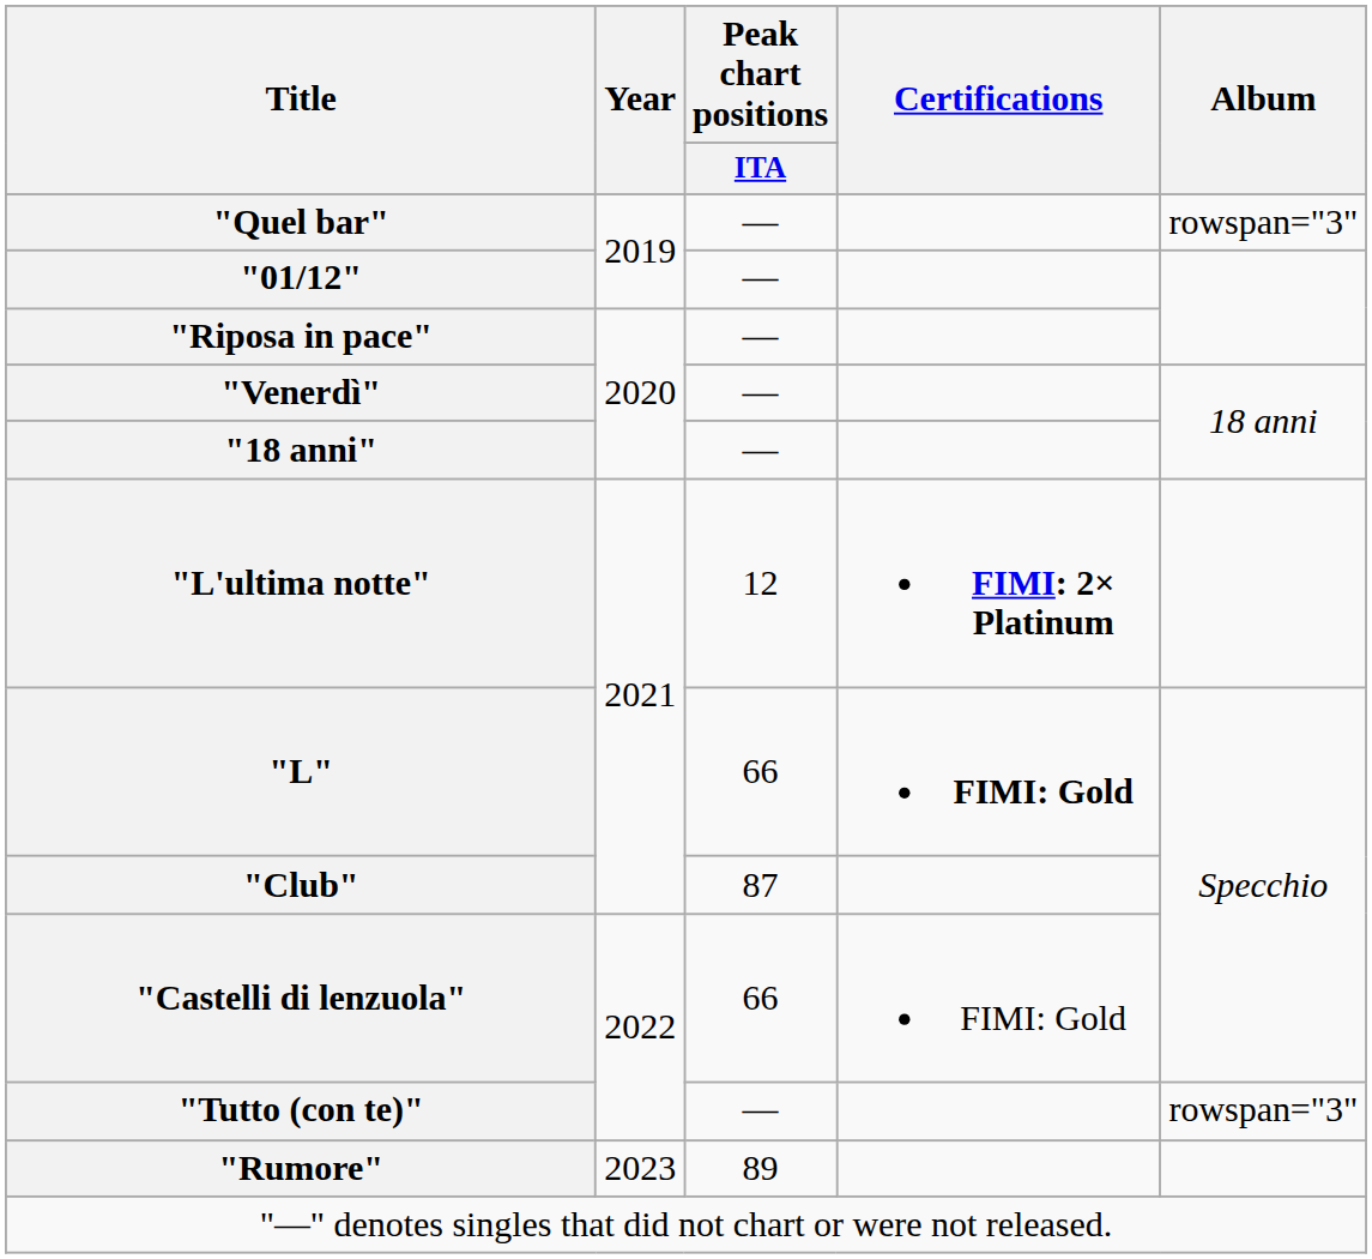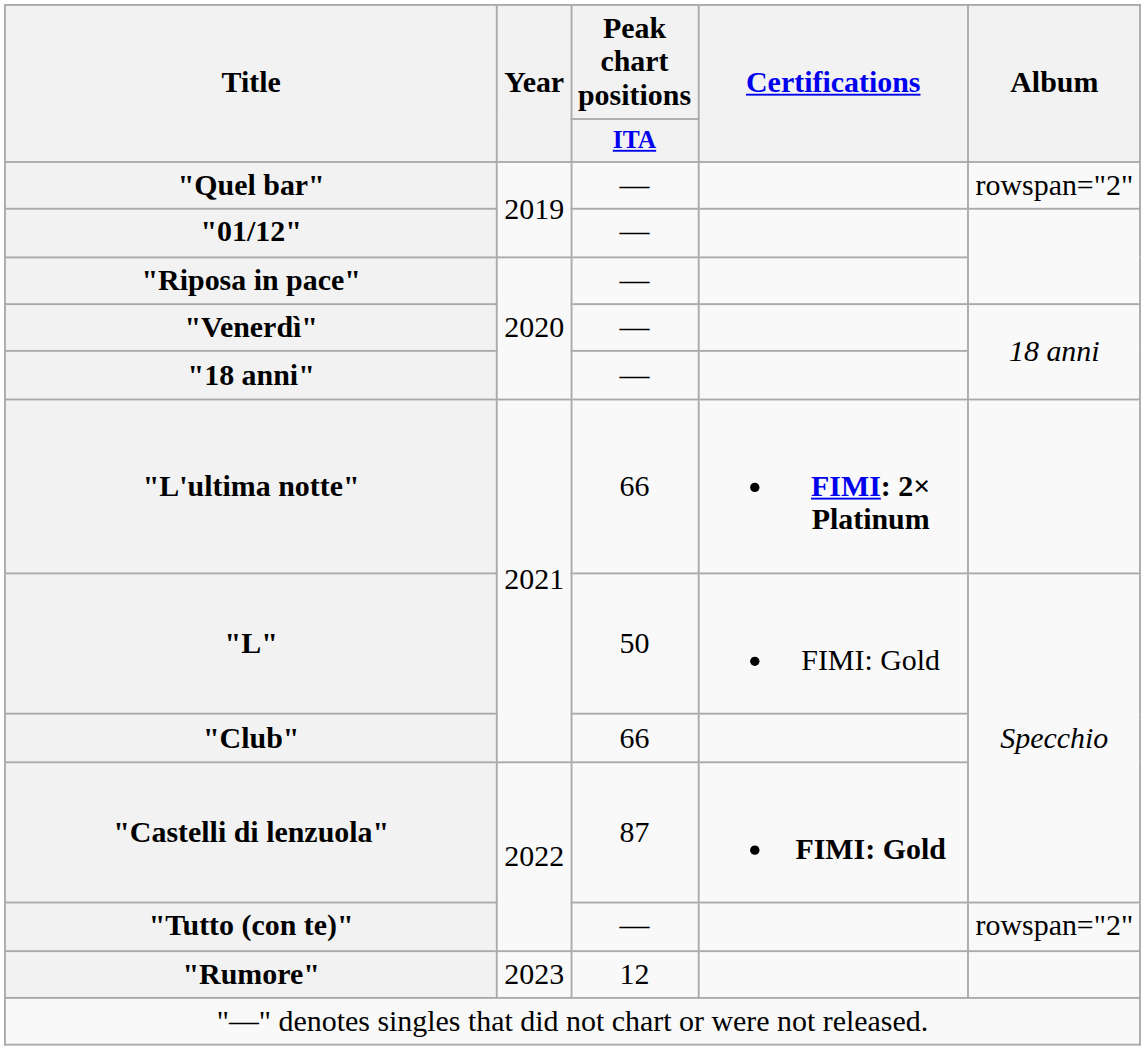 <table class="wikitable plainrowheaders" style="text-align:center;">
 <tr>
 <th scope="col" rowspan="2" style="width:16em;">Title</th>
 <th scope="col" rowspan="2" style="width:1em;">Year</th>
 <th scope="col">Peak chart positions</th>
 <th scope="col" rowspan="2"><a href='#'>Certifications</a></th>
 <th rowspan="2">Album</th>
 </tr>
 <tr>
 <th scope="col" style="width:3em;font-size:85%;"><a href='#'>ITA</a><br></th>
 </tr>
 <tr>
 <th scope="row">"Quel bar"</th>
 <td rowspan="2">2019</td>
 <td>—</td>
 <td></td>
-<td>rowspan="3" </td>
+<td>rowspan="2" </td>
 </tr>
 <tr>
 <th scope="row">"01/12"</th>
 <td>—</td>
 <td></td>
 </tr>
 <tr>
 <th scope="row">"Riposa in pace" </th>
 <td rowspan="3">2020</td>
 <td>—</td>
 <td></td>
 </tr>
 <tr>
 <th scope="row">"Venerdì"</th>
 <td>—</td>
 <td></td>
 <td rowspan="2"><em>18 anni</em></td>
 </tr>
 <tr>
 <th scope="row">"18 anni"</th>
 <td>—</td>
 <td></td>
 </tr>
 <tr>
 <th scope="row">"L'ultima notte"</th>
 <td rowspan="3">2021</td>
-<td>12</td>
+<td>66</td>
 <td><strong><br><ul><li><a href='#'>FIMI</a>: 2× Platinum</li></ul></strong></td>
 <td></td>
 </tr>
 <tr>
 <th scope="row">"L"</th>
-<td>66</td>
-<td><strong><br><ul><li>FIMI: Gold</li></ul></strong></td>
+<td>50</td>
+<td><br><ul><li>FIMI: Gold</li></ul></td>
 <td rowspan="3"><em>Specchio</em></td>
 </tr>
 <tr>
 <th scope="row">"Club"</th>
-<td>87</td>
+<td>66</td>
 <td></td>
 </tr>
 <tr>
 <th scope="row">"Castelli di lenzuola"</th>
 <td rowspan="2">2022</td>
-<td>66</td>
-<td><br><ul><li>FIMI: Gold</li></ul></td>
+<td>87</td>
+<td><strong><br><ul><li>FIMI: Gold</li></ul></strong></td>
 </tr>
 <tr>
 <th scope="row">"Tutto (con te)"</th>
 <td>—</td>
 <td></td>
-<td>rowspan="3" </td>
+<td>rowspan="2" </td>
 </tr>
 <tr>
 <th scope="row">"Rumore"</th>
 <td>2023</td>
-<td>89<br></td>
+<td>12</td>
 <td></td>
 </tr>
 <tr>
 <td colspan="5">"—" denotes singles that did not chart or were not released.</td>
 </tr>
 </table>
